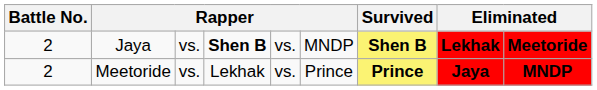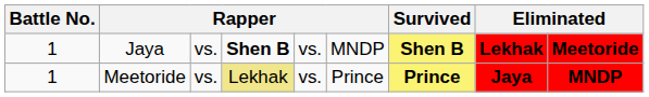 <table class="wikitable" style="text-align:center">
 <tr>
 <th>Battle No.</th>
 <th colspan="5">Rapper</th>
 <th>Survived</th>
 <th colspan="2">Eliminated</th>
 </tr>
 <tr>
-<td>2</td>
+<td>1</td>
 <td>Jaya</td>
 <td>vs.</td>
 <td><strong>Shen B</strong></td>
 <td>vs.</td>
 <td>MNDP</td>
 <td bgcolor="#fbf373"><strong>Shen B</strong></td>
 <td bgcolor="red"><strong>Lekhak</strong></td>
 <td bgcolor="red"><strong>Meetoride</strong></td>
 </tr>
 <tr>
-<td>2</td>
+<td>1</td>
 <td>Meetoride</td>
 <td>vs.</td>
-<td>Lekhak</td>
+<td style="background: khaki;">Lekhak</td>
 <td>vs.</td>
 <td>Prince</td>
 <td bgcolor="#fbf373"><strong>Prince </strong></td>
 <td bgcolor="red"><strong>Jaya</strong></td>
 <td bgcolor="red"><strong>MNDP</strong></td>
 </tr>
 </table>
